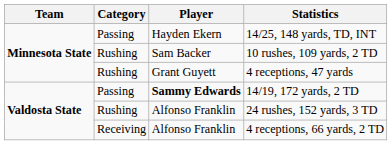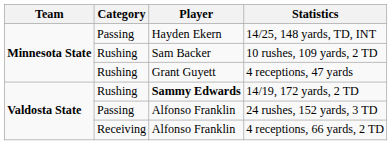 <table class="wikitable" style="float: left;">
 <tr>
 <th>Team</th>
 <th>Category</th>
 <th>Player</th>
 <th>Statistics</th>
 </tr>
 <tr>
 <td rowspan=3><strong>Minnesota State</strong></td>
 <td>Passing</td>
 <td>Hayden Ekern</td>
 <td>14/25, 148 yards, TD, INT</td>
 </tr>
 <tr>
 <td>Rushing</td>
 <td>Sam Backer</td>
 <td>10 rushes, 109 yards, 2 TD</td>
 </tr>
 <tr>
 <td>Rushing</td>
 <td>Grant Guyett</td>
 <td>4 receptions, 47 yards</td>
 </tr>
 <tr>
 <td rowspan=3><strong>Valdosta State</strong></td>
-<td>Passing</td>
+<td>Rushing</td>
 <td><strong>Sammy Edwards</strong></td>
 <td>14/19, 172 yards, 2 TD</td>
 </tr>
 <tr>
-<td>Rushing</td>
+<td>Passing</td>
 <td>Alfonso Franklin</td>
 <td>24 rushes, 152 yards, 3 TD</td>
 </tr>
 <tr>
 <td>Receiving</td>
 <td>Alfonso Franklin</td>
 <td>4 receptions, 66 yards, 2 TD</td>
 </tr>
 </table>
